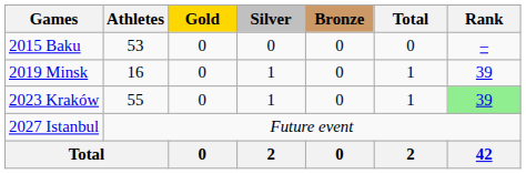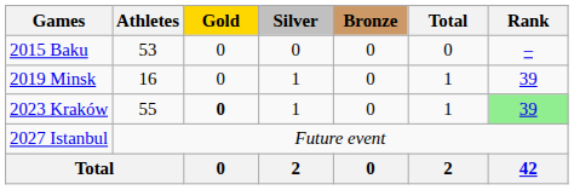 <table class="wikitable" style="text-align:center; font-size:90%;">
 <tr>
 <th>Games</th>
 <th>Athletes</th>
 <td style="background:gold; width:3.7em; font-weight:bold;">Gold</td>
 <td style="background:silver; width:3.7em; font-weight:bold;">Silver</td>
 <td style="background:#cc9966; width:3.7em; font-weight:bold;">Bronze</td>
 <th style="width:4em; font-weight:bold;">Total</th>
 <th style="width:4em; font-weight:bold;">Rank</th>
 </tr>
 <tr>
 <td align=left> <a href='#'>2015 Baku</a></td>
 <td>53</td>
 <td>0</td>
 <td>0</td>
 <td>0</td>
 <td>0</td>
 <td><a href='#'>–</a></td>
 </tr>
 <tr>
 <td align=left> <a href='#'>2019 Minsk</a></td>
 <td>16</td>
 <td>0</td>
 <td>1</td>
 <td>0</td>
 <td>1</td>
 <td><a href='#'>39</a></td>
 </tr>
 <tr>
 <td align=left> <a href='#'>2023 Kraków</a></td>
 <td>55</td>
-<td>0</td>
+<td><strong>0</strong></td>
 <td>1</td>
 <td>0</td>
 <td>1</td>
 <td style="background: lightgreen;"><a href='#'>39</a></td>
 </tr>
 <tr>
 <td align=left> <a href='#'>2027 Istanbul</a></td>
 <td colspan=6><em>Future event</em></td>
 </tr>
 <tr>
 <th colspan=2>Total</th>
 <th>0</th>
 <th>2</th>
 <th>0</th>
 <th>2</th>
 <th><a href='#'>42</a></th>
 </tr>
 </table>
